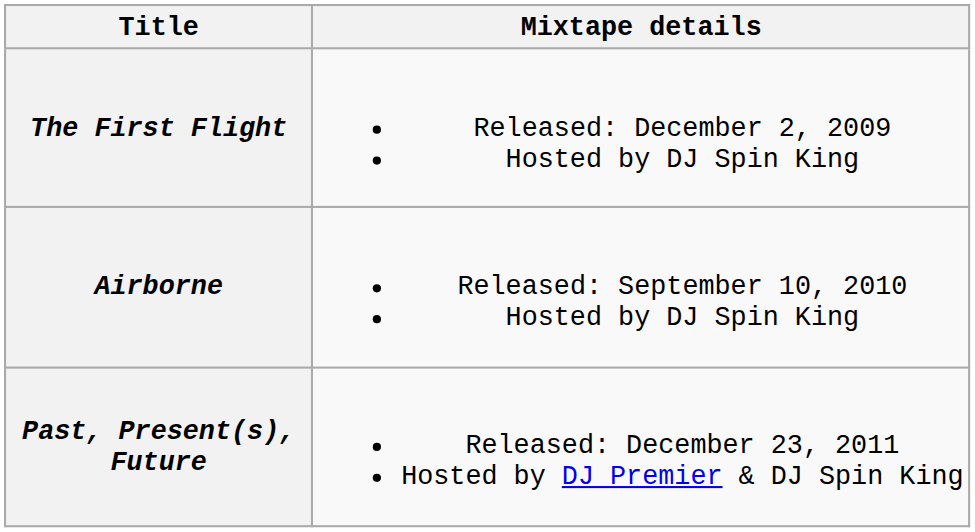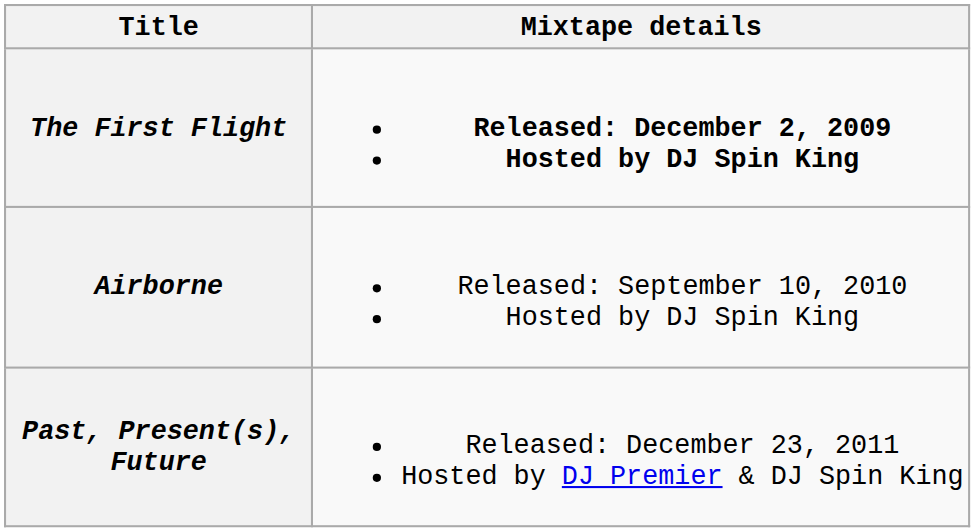 <table class="wikitable plainrowheaders" style="text-align:center;">
 <tr>
 <th scope="col" style="width:11em;">Title</th>
 <th scope="col">Mixtape details</th>
 </tr>
 <tr>
 <th scope="row"><em>The First Flight</em></th>
-<td><br><ul><li>Released: December 2, 2009</li><li>Hosted by DJ Spin King</li></ul></td>
+<td><strong><br><ul><li>Released: December 2, 2009</li><li>Hosted by DJ Spin King</li></ul></strong></td>
 </tr>
 <tr>
 <th scope="row"><em>Airborne</em></th>
 <td><br><ul><li>Released: September 10, 2010</li><li>Hosted by DJ Spin King</li></ul></td>
 </tr>
 <tr>
 <th scope="row"><em>Past, Present(s), Future</em></th>
 <td><br><ul><li>Released: December 23, 2011</li><li>Hosted by <a href='#'>DJ Premier</a> & DJ Spin King</li></ul></td>
 </tr>
 </table>
